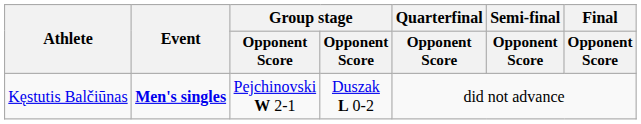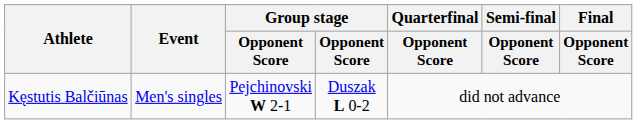 <table class=wikitable style=font-size:90%;text-align:center>
 <tr>
 <th rowspan=2>Athlete</th>
 <th rowspan=2>Event</th>
 <th colspan=2>Group stage</th>
 <th>Quarterfinal</th>
 <th>Semi-final</th>
 <th>Final</th>
 </tr>
 <tr style=font-size:95%>
 <th>Opponent<br>Score</th>
 <th>Opponent<br>Score</th>
 <th>Opponent<br>Score</th>
 <th>Opponent<br>Score</th>
 <th>Opponent<br>Score</th>
 </tr>
 <tr>
 <td align=left><a href='#'>Kęstutis Balčiūnas</a></td>
-<td align=left><strong><a href='#'>Men's singles</a></strong></td>
+<td align=left><a href='#'>Men's singles</a></td>
 <td> <a href='#'>Pejchinovski</a> <br> <strong>W</strong> 2-1</td>
 <td> <a href='#'>Duszak</a> <br> <strong>L</strong> 0-2</td>
 <td colspan=3>did not advance</td>
 </tr>
 </table>
